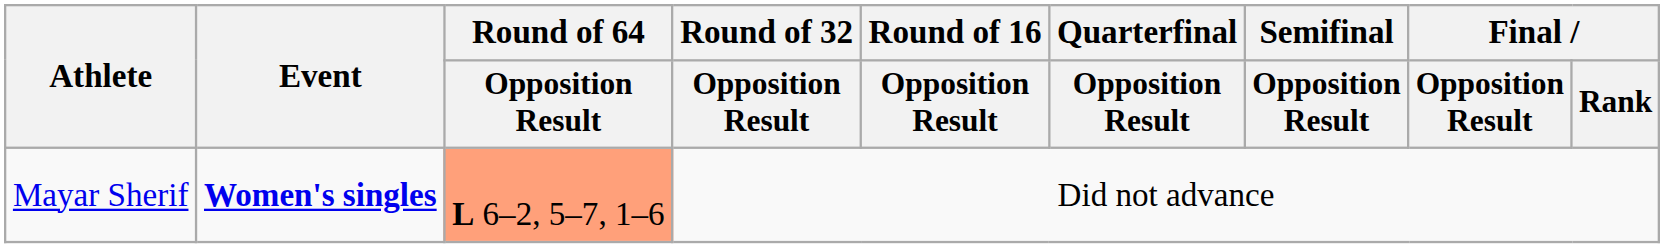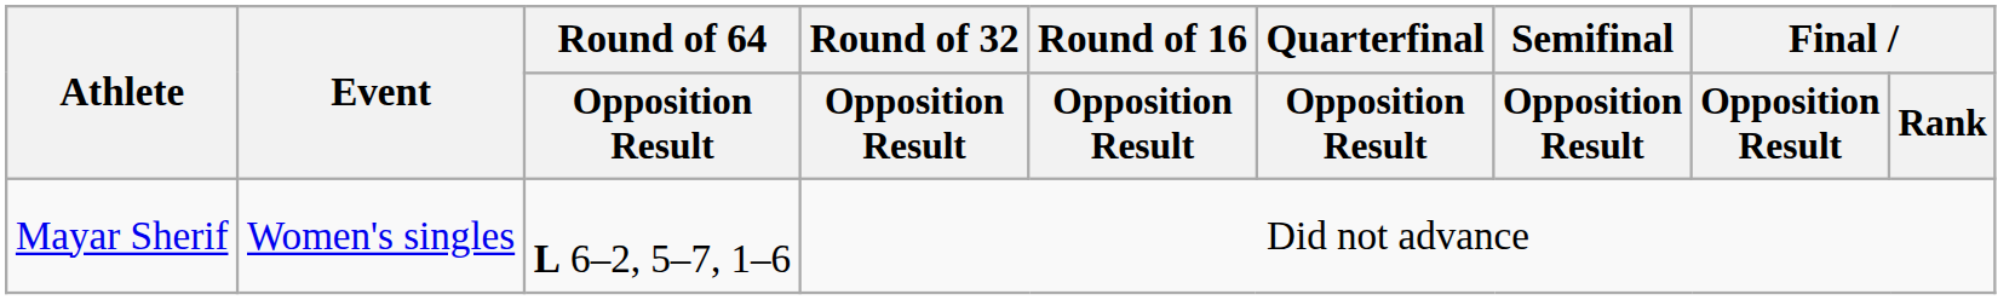 <table class="wikitable" style="font-size:90%;">
 <tr>
 <th rowspan=2>Athlete</th>
 <th rowspan=2>Event</th>
 <th>Round of 64</th>
 <th>Round of 32</th>
 <th>Round of 16</th>
 <th>Quarterfinal</th>
 <th>Semifinal</th>
 <th colspan=2>Final / </th>
 </tr>
 <tr style="font-size:95%">
 <th>Opposition<br>Result</th>
 <th>Opposition<br>Result</th>
 <th>Opposition<br>Result</th>
 <th>Opposition<br>Result</th>
 <th>Opposition<br>Result</th>
 <th>Opposition<br>Result</th>
 <th>Rank</th>
 </tr>
 <tr align=center>
 <td align=left><a href='#'>Mayar Sherif</a></td>
-<td align=left><strong><a href='#'>Women's singles</a></strong></td>
-<td style="background: lightsalmon;"><br><strong>L</strong> 6–2, 5–7, 1–6</td>
+<td align=left><a href='#'>Women's singles</a></td>
+<td><br><strong>L</strong> 6–2, 5–7, 1–6</td>
 <td colspan=6>Did not advance</td>
 </tr>
 </table>
